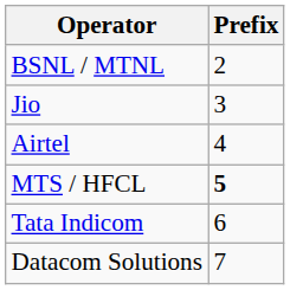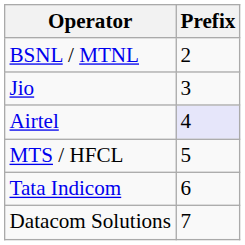 <table class="wikitable">
 <tr>
 <th>Operator</th>
 <th>Prefix</th>
 </tr>
 <tr>
 <td><a href='#'>BSNL</a> / <a href='#'>MTNL</a></td>
 <td>2</td>
 </tr>
 <tr>
 <td><a href='#'>Jio</a></td>
 <td>3</td>
 </tr>
 <tr>
 <td><a href='#'>Airtel</a></td>
-<td>4</td>
+<td style="background: lavender;">4</td>
 </tr>
 <tr>
 <td><a href='#'>MTS</a> / HFCL</td>
-<td><strong>5</strong></td>
+<td>5</td>
 </tr>
 <tr>
 <td><a href='#'>Tata Indicom</a></td>
 <td>6</td>
 </tr>
 <tr>
 <td>Datacom Solutions</td>
 <td>7</td>
 </tr>
 </table>
